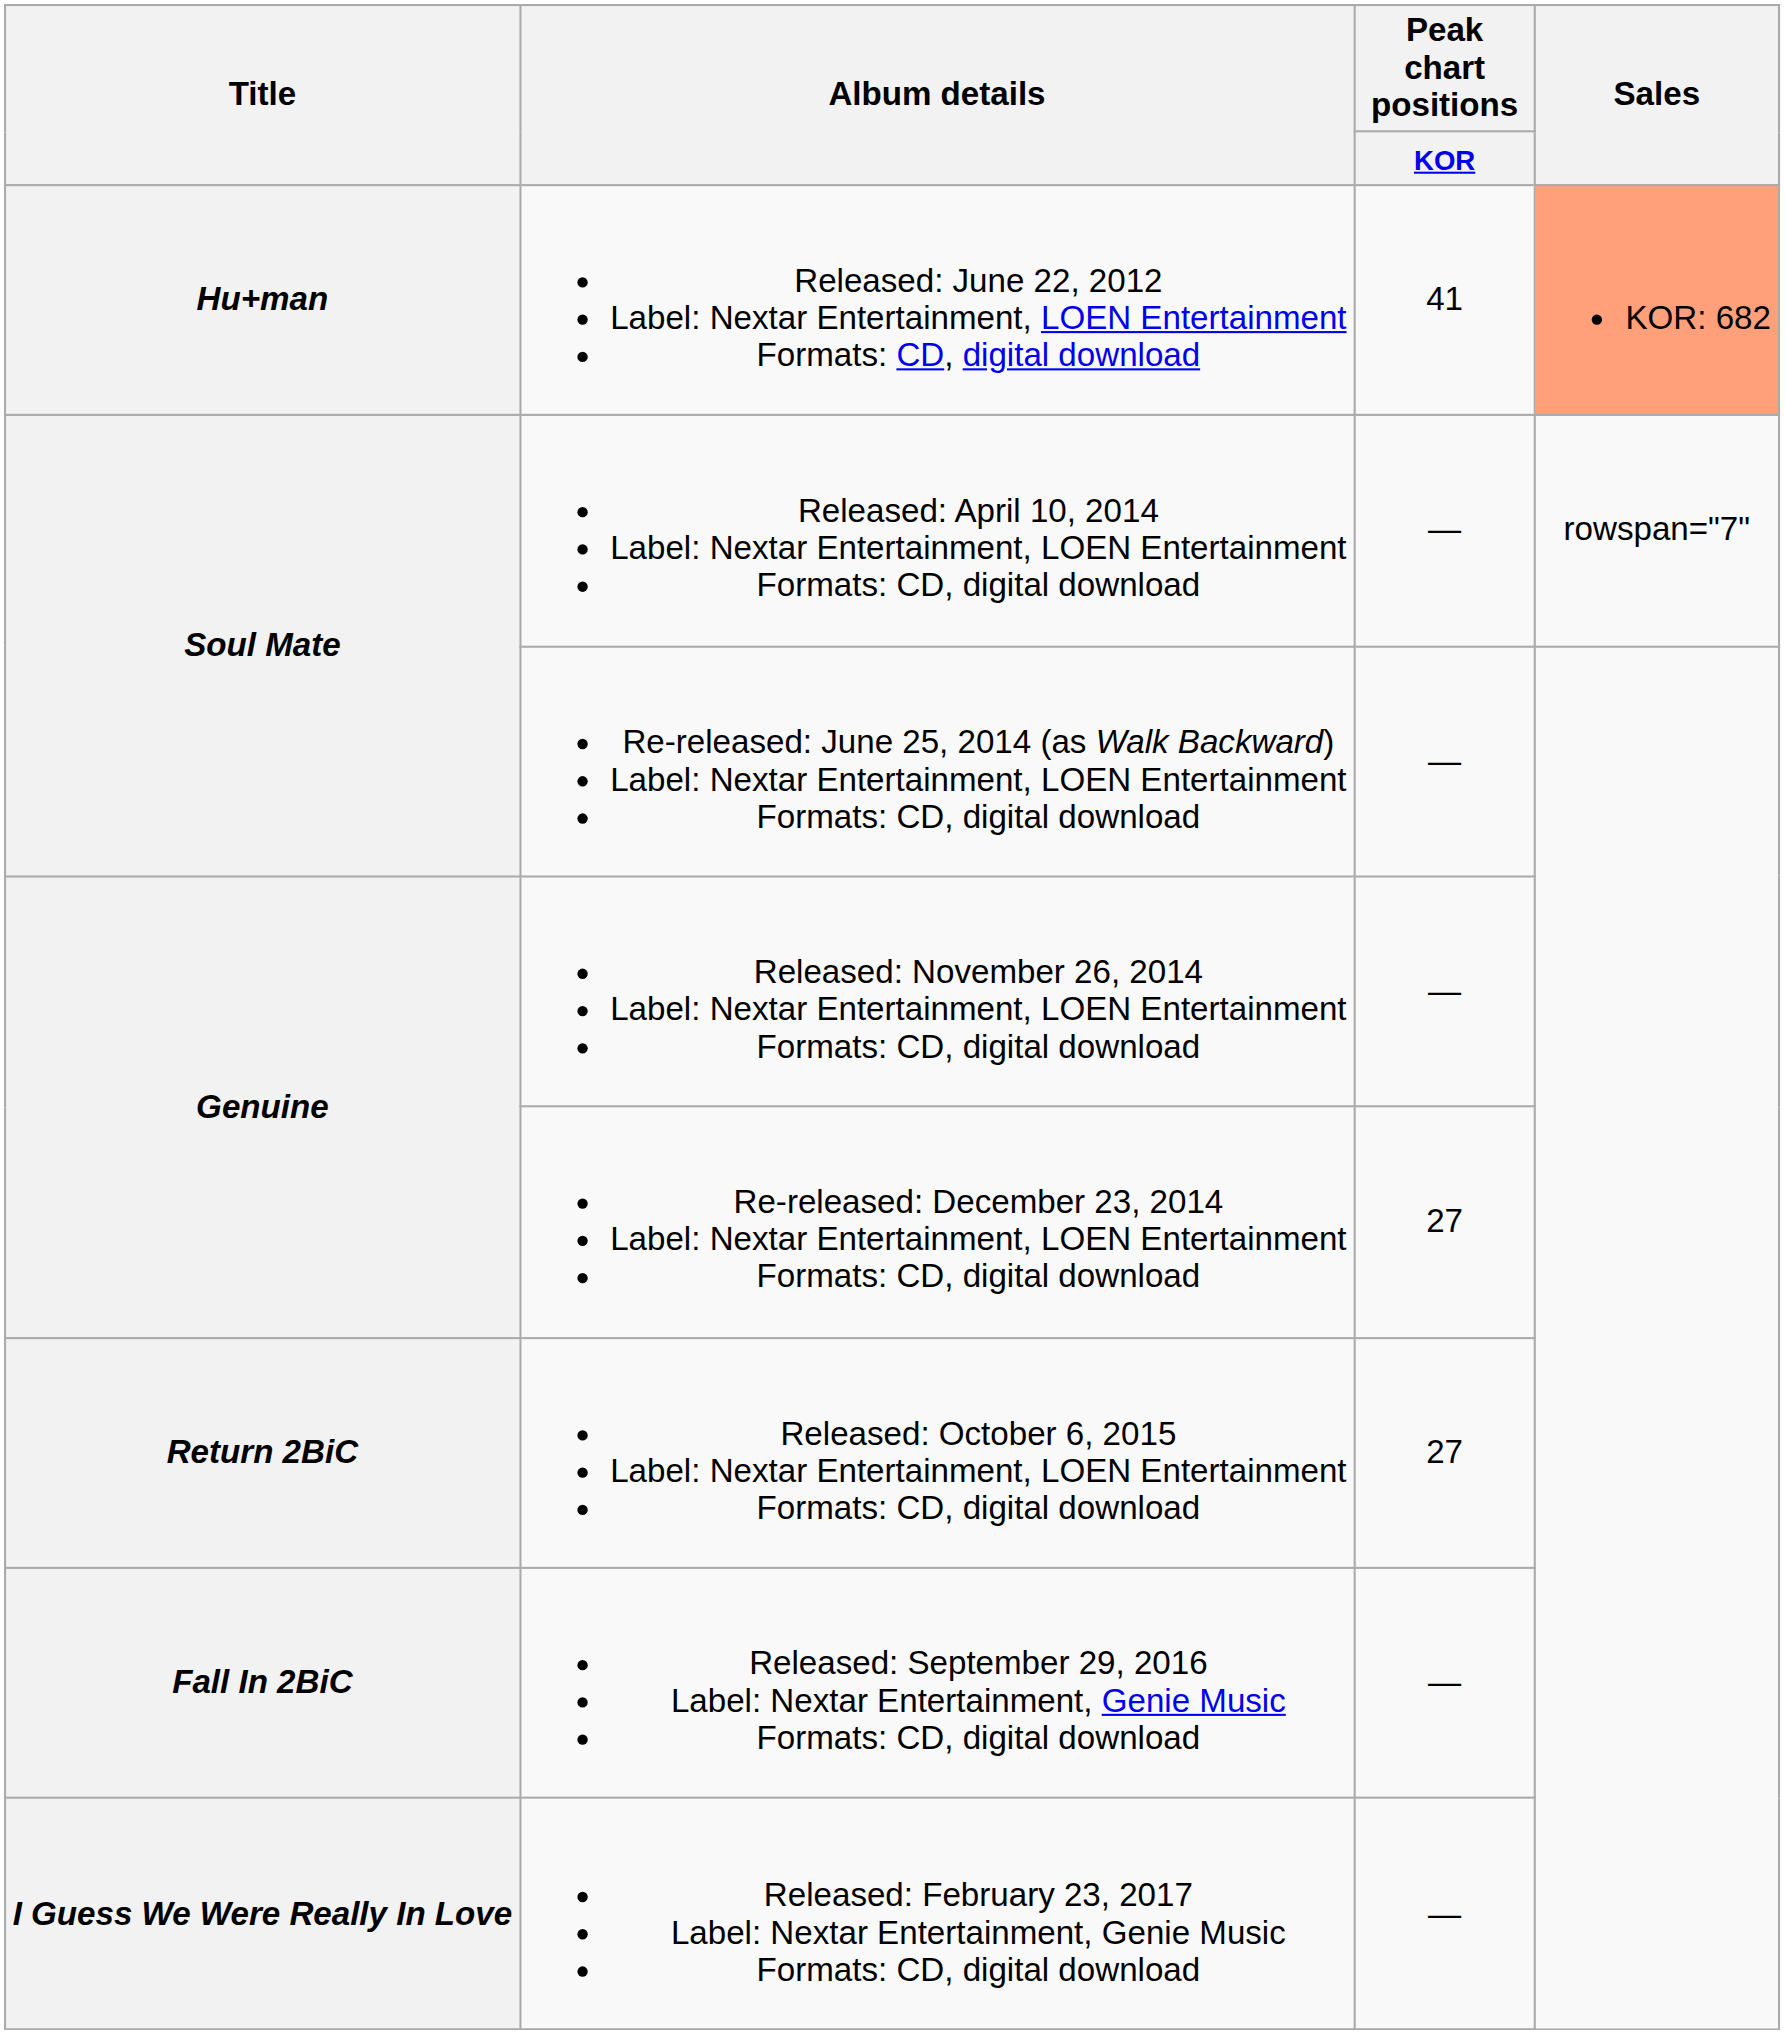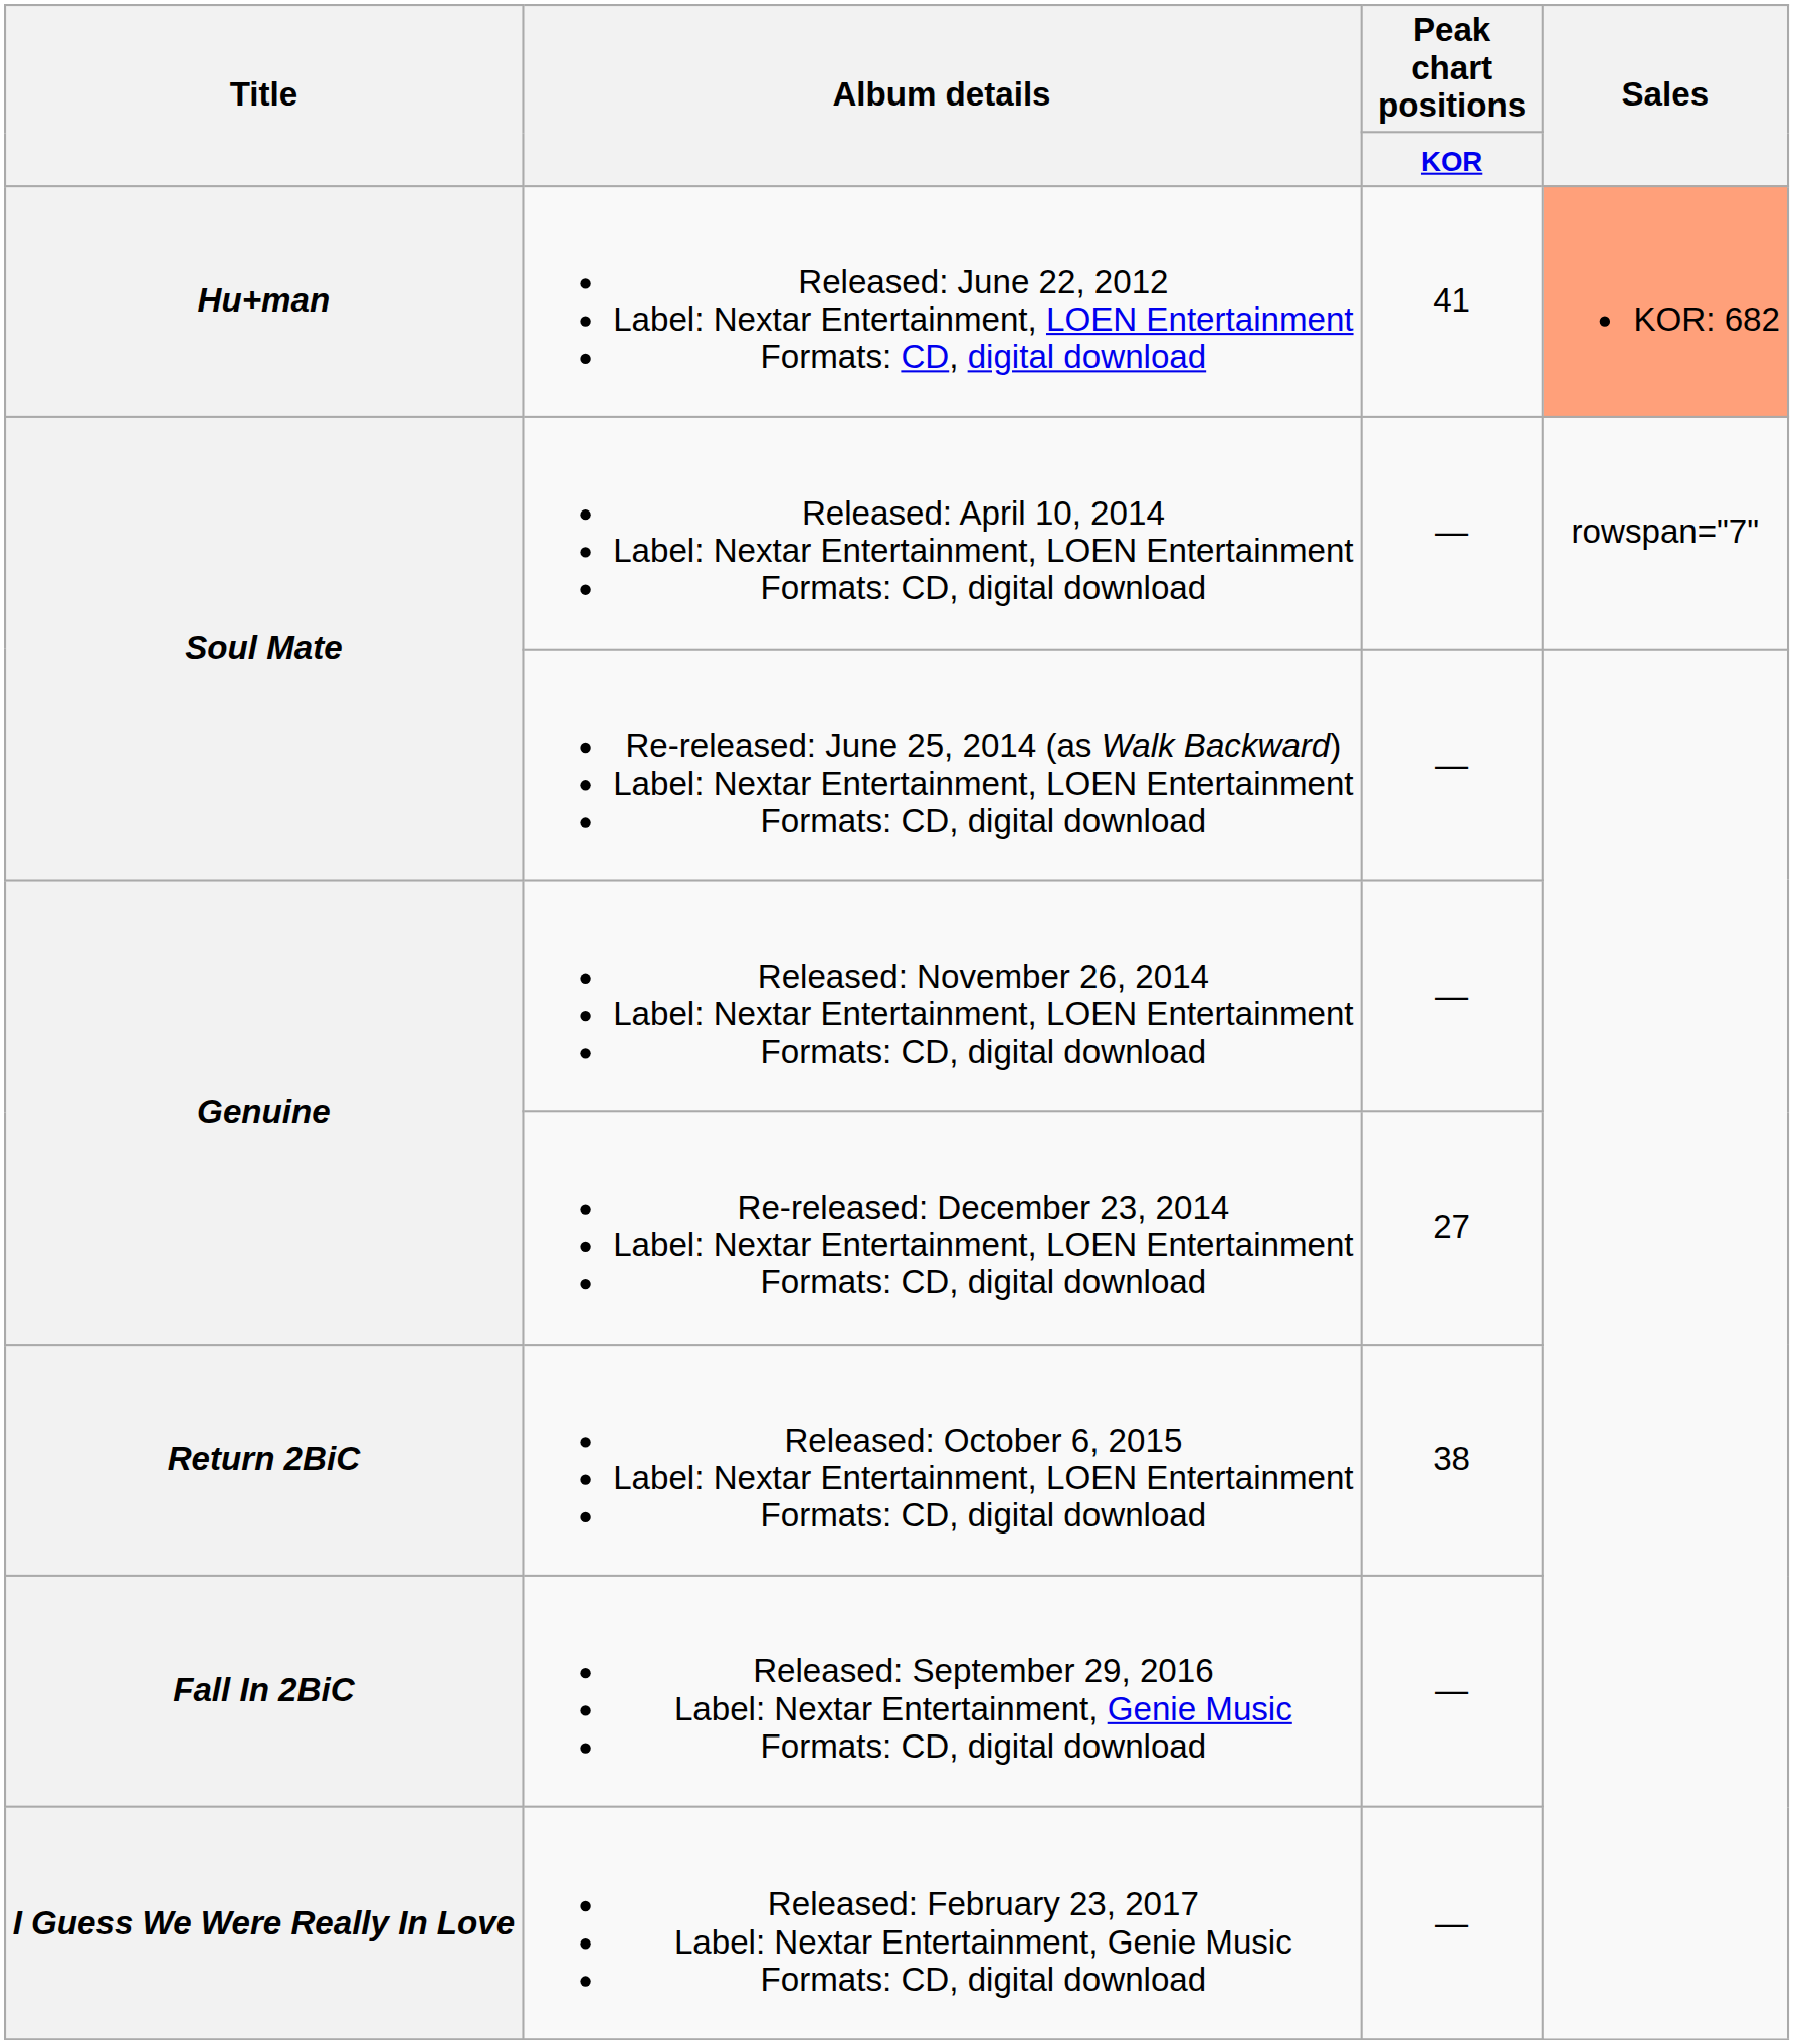 <table class="wikitable plainrowheaders" style="text-align:center;">
 <tr>
 <th scope="col" rowspan="2">Title</th>
 <th scope="col" rowspan="2">Album details</th>
 <th scope="col" colspan="1" style="width:5em;">Peak chart positions</th>
 <th scope="col" rowspan="2">Sales</th>
 </tr>
 <tr>
 <th><small><a href='#'>KOR</a></small><br></th>
 </tr>
 <tr>
 <th scope="row"><em>Hu+man</em></th>
 <td><br><ul><li>Released: June 22, 2012</li><li>Label: Nextar Entertainment, <a href='#'>LOEN Entertainment</a></li><li>Formats: <a href='#'>CD</a>, <a href='#'>digital download</a></li></ul></td>
 <td>41</td>
 <td style="background: lightsalmon;"><br><ul><li>KOR: 682</li></ul></td>
 </tr>
 <tr>
 <th scope="row" rowspan="2"><em>Soul Mate</em></th>
 <td><br><ul><li>Released: April 10, 2014</li><li>Label: Nextar Entertainment, LOEN Entertainment</li><li>Formats: CD, digital download</li></ul></td>
 <td>—</td>
 <td>rowspan="7" </td>
 </tr>
 <tr>
 <td><br><ul><li>Re-released: June 25, 2014 (as <em>Walk Backward</em>)</li><li>Label: Nextar Entertainment, LOEN Entertainment</li><li>Formats: CD, digital download</li></ul></td>
 <td>—</td>
 </tr>
 <tr>
 <th scope="row" rowspan="2"><em>Genuine</em></th>
 <td><br><ul><li>Released: November 26, 2014</li><li>Label: Nextar Entertainment, LOEN Entertainment</li><li>Formats: CD, digital download</li></ul></td>
 <td>—</td>
 </tr>
 <tr>
 <td><br><ul><li>Re-released: December 23, 2014</li><li>Label: Nextar Entertainment, LOEN Entertainment</li><li>Formats: CD, digital download</li></ul></td>
 <td>27</td>
 </tr>
 <tr>
 <th scope="row"><em>Return 2BiC</em></th>
 <td><br><ul><li>Released: October 6, 2015</li><li>Label: Nextar Entertainment, LOEN Entertainment</li><li>Formats: CD, digital download</li></ul></td>
-<td>27</td>
+<td>38</td>
 </tr>
 <tr>
 <th scope="row"><em>Fall In 2BiC</em></th>
 <td><br><ul><li>Released: September 29, 2016</li><li>Label: Nextar Entertainment, <a href='#'>Genie Music</a></li><li>Formats: CD, digital download</li></ul></td>
 <td>—</td>
 </tr>
 <tr>
 <th scope="row"><em>I Guess We Were Really In Love</em></th>
 <td><br><ul><li>Released: February 23, 2017</li><li>Label: Nextar Entertainment, Genie Music</li><li>Formats: CD, digital download</li></ul></td>
 <td>—</td>
 </tr>
 <tr>
 </tr>
 </table>
